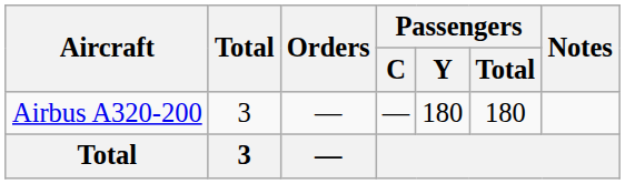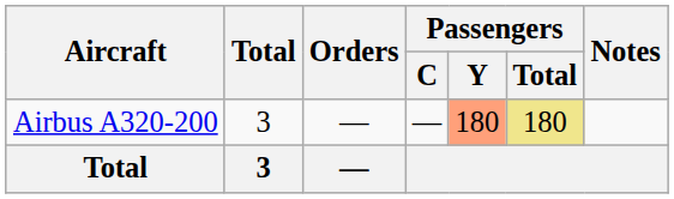 <table class="wikitable" style="margin:1em auto; border-collapse:collapse;text-align:center">
 <tr>
 <th rowspan="2">Aircraft</th>
 <th rowspan="2" style="width:35px;">Total</th>
 <th rowspan="2" style="width:25px;">Orders</th>
 <th colspan="3">Passengers</th>
 <th rowspan="2">Notes</th>
 </tr>
 <tr>
 <th><abbr>C</abbr></th>
 <th><abbr>Y</abbr></th>
 <th>Total</th>
 </tr>
 <tr>
 <td><a href='#'>Airbus A320-200</a></td>
 <td>3</td>
 <td>—</td>
 <td>—</td>
-<td>180</td>
-<td>180</td>
+<td style="background: lightsalmon;">180</td>
+<td style="background: khaki;">180</td>
 <td></td>
 </tr>
 <tr>
 <th>Total</th>
 <th>3</th>
 <th>—</th>
 <th colspan="4"></th>
 </tr>
 </table>
